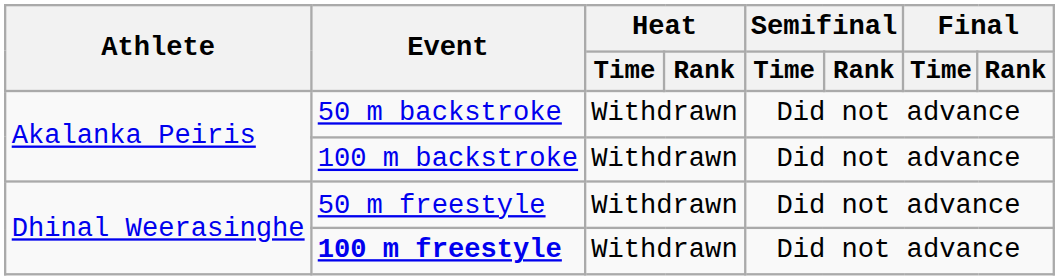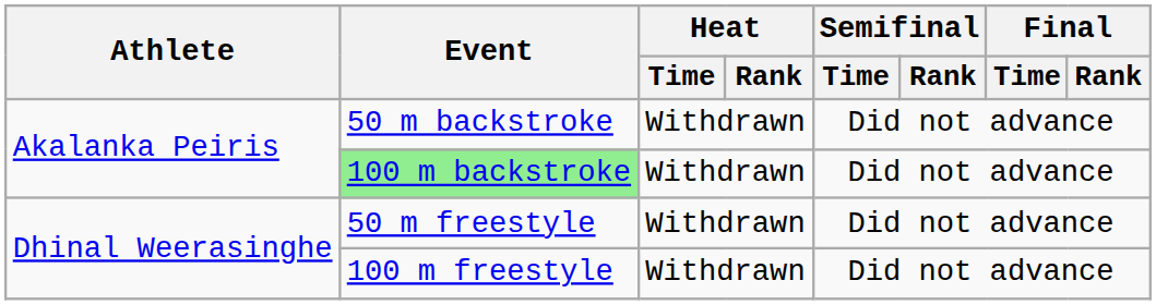 <table class="wikitable" style="text-align:center; font-size:90%">
 <tr>
 <th rowspan="2">Athlete</th>
 <th rowspan="2">Event</th>
 <th colspan="2">Heat</th>
 <th colspan="2">Semifinal</th>
 <th colspan="2">Final</th>
 </tr>
 <tr style="font-size:95%">
 <th>Time</th>
 <th>Rank</th>
 <th>Time</th>
 <th>Rank</th>
 <th>Time</th>
 <th>Rank</th>
 </tr>
 <tr>
 <td rowspan=2 align=left><a href='#'>Akalanka Peiris</a></td>
 <td align=left><a href='#'>50 m backstroke</a></td>
 <td colspan=2>Withdrawn</td>
 <td colspan=4>Did not advance</td>
 </tr>
 <tr>
-<td align=left><a href='#'>100 m backstroke</a></td>
+<td align=left style="background: lightgreen;"><a href='#'>100 m backstroke</a></td>
 <td colspan=2>Withdrawn</td>
 <td colspan=4>Did not advance</td>
 </tr>
 <tr>
 <td rowspan=2 align=left><a href='#'>Dhinal Weerasinghe</a></td>
 <td align=left><a href='#'>50 m freestyle</a></td>
 <td colspan=2>Withdrawn</td>
 <td colspan=4>Did not advance</td>
 </tr>
 <tr>
-<td align=left><strong><a href='#'>100 m freestyle</a></strong></td>
+<td align=left><a href='#'>100 m freestyle</a></td>
 <td colspan=2>Withdrawn</td>
 <td colspan=4>Did not advance</td>
 </tr>
 </table>
